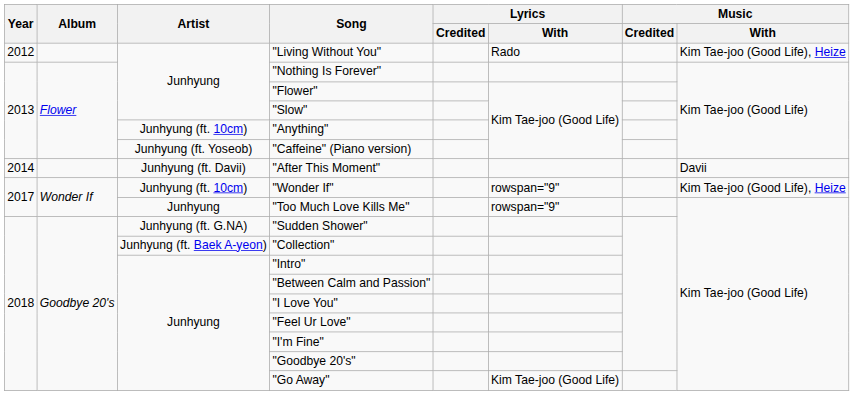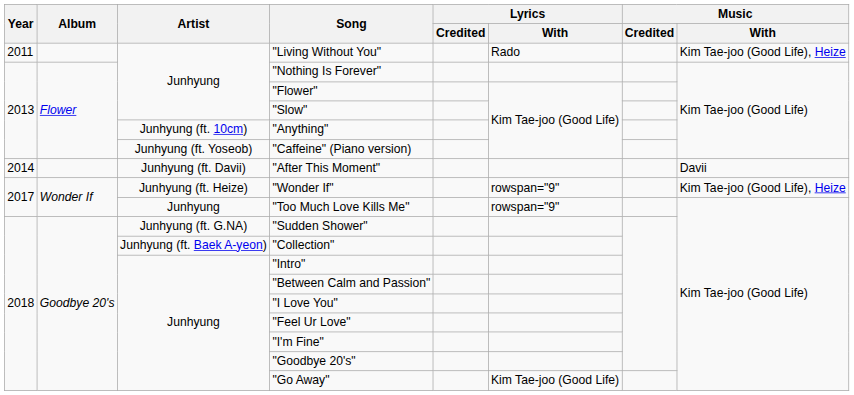 <table class="wikitable">
 <tr>
 <th rowspan="2">Year</th>
 <th rowspan="2">Album</th>
 <th rowspan="2">Artist</th>
 <th rowspan="2">Song</th>
 <th colspan="2">Lyrics</th>
 <th colspan="2">Music</th>
 </tr>
 <tr>
 <th>Credited</th>
 <th>With</th>
 <th>Credited</th>
 <th>With</th>
 </tr>
 <tr>
-<td>2012</td>
+<td>2011</td>
 <td></td>
 <td rowspan="4" align="center">Junhyung</td>
 <td>"Living Without You"</td>
 <td></td>
 <td>Rado</td>
 <td></td>
 <td>Kim Tae-joo (Good Life), <a href='#'>Heize</a></td>
 </tr>
 <tr>
 <td rowspan="5">2013</td>
 <td rowspan="5"><em><a href='#'>Flower</a></em></td>
 <td>"Nothing Is Forever"</td>
 <td></td>
 <td></td>
 <td></td>
 <td rowspan="5">Kim Tae-joo (Good Life)</td>
 </tr>
 <tr>
 <td>"Flower"</td>
 <td></td>
 <td rowspan="4">Kim Tae-joo (Good Life)</td>
 <td></td>
 </tr>
 <tr>
 <td>"Slow"</td>
 <td></td>
 <td></td>
 </tr>
 <tr>
 <td align="center">Junhyung (ft. <a href='#'>10cm</a>)</td>
 <td>"Anything"</td>
 <td></td>
 <td></td>
 </tr>
 <tr>
 <td align="center">Junhyung (ft. Yoseob)</td>
 <td>"Caffeine" (Piano version)</td>
 <td></td>
 <td></td>
 </tr>
 <tr>
 <td>2014</td>
 <td></td>
 <td align="center">Junhyung (ft. Davii)</td>
 <td>"After This Moment"</td>
 <td></td>
 <td></td>
 <td></td>
 <td>Davii</td>
 </tr>
 <tr>
 <td rowspan="2">2017</td>
 <td rowspan="2"><em>Wonder If</em></td>
-<td align="center">Junhyung (ft. <a href='#'>10cm</a>)</td>
+<td align="center">Junhyung (ft. Heize)</td>
 <td>"Wonder If"</td>
 <td></td>
 <td>rowspan="9" </td>
 <td></td>
 <td>Kim Tae-joo (Good Life), <a href='#'>Heize</a></td>
 </tr>
 <tr>
 <td align="center">Junhyung</td>
 <td>"Too Much Love Kills Me"</td>
 <td></td>
 <td>rowspan="9" </td>
 <td></td>
 <td rowspan="10">Kim Tae-joo (Good Life)</td>
 </tr>
 <tr>
 <td rowspan="9">2018</td>
 <td rowspan="9"><em>Goodbye 20's</em></td>
 <td align="center">Junhyung (ft. G.NA)</td>
 <td>"Sudden Shower"</td>
 <td></td>
 <td></td>
 </tr>
 <tr>
 <td align="center">Junhyung (ft. <a href='#'>Baek A-yeon</a>)</td>
 <td>"Collection"</td>
 <td></td>
 <td></td>
 </tr>
 <tr>
 <td align="center" rowspan="7">Junhyung</td>
 <td>"Intro"</td>
 <td></td>
 <td></td>
 </tr>
 <tr>
 <td>"Between Calm and Passion"</td>
 <td></td>
 <td></td>
 </tr>
 <tr>
 <td>"I Love You"</td>
 <td></td>
 <td></td>
 </tr>
 <tr>
 <td>"Feel Ur Love"</td>
 <td></td>
 <td></td>
 </tr>
 <tr>
 <td>"I'm Fine"</td>
 <td></td>
 <td></td>
 </tr>
 <tr>
 <td>"Goodbye 20's"</td>
 <td></td>
 <td></td>
 </tr>
 <tr>
 <td>"Go Away"</td>
 <td></td>
 <td>Kim Tae-joo (Good Life)</td>
 <td></td>
 </tr>
 </table>
